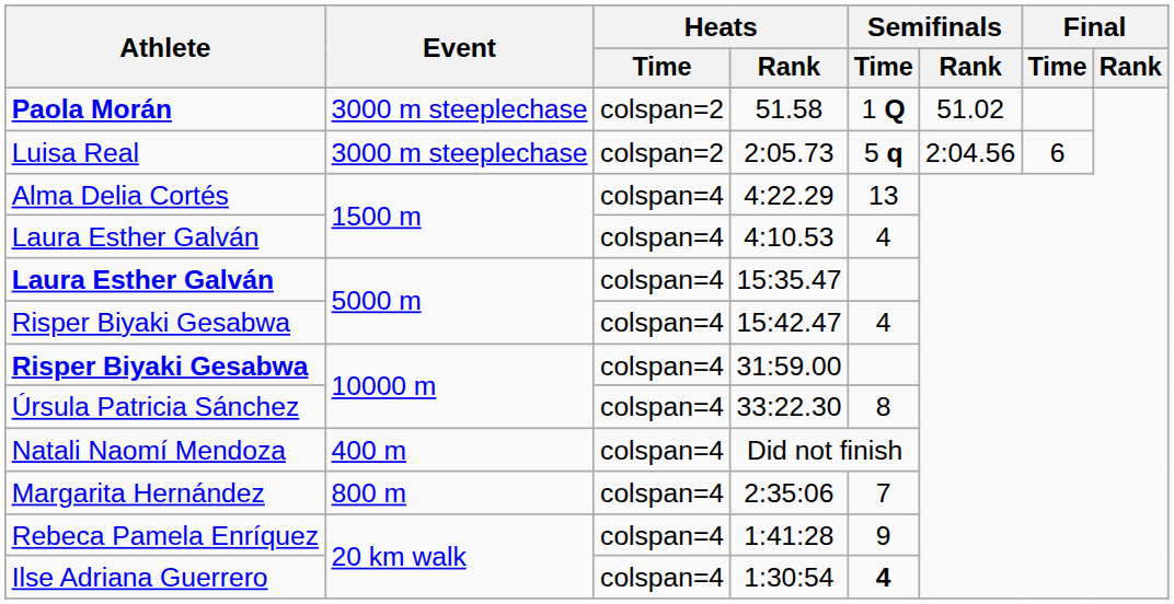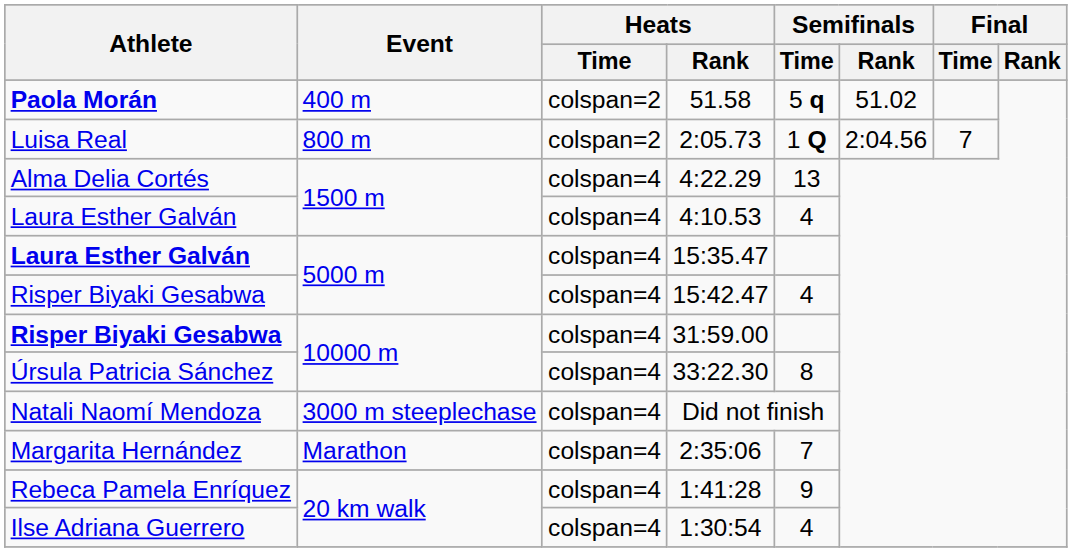 <table class=wikitable style="font-size:90%;">
 <tr>
 <th rowspan=2>Athlete</th>
 <th rowspan=2>Event</th>
 <th colspan=2>Heats</th>
 <th colspan=2>Semifinals</th>
 <th colspan=2>Final</th>
 </tr>
 <tr style="font-size:95%">
 <th>Time</th>
 <th>Rank</th>
 <th>Time</th>
 <th>Rank</th>
 <th>Time</th>
 <th>Rank</th>
 </tr>
 <tr align=center>
 <td align=left><strong><a href='#'>Paola Morán</a></strong></td>
-<td align=left><a href='#'>3000 m steeplechase</a></td>
+<td align=left><a href='#'>400 m</a></td>
 <td>colspan=2 </td>
 <td>51.58</td>
-<td>1 <strong>Q</strong></td>
+<td>5 <strong>q</strong></td>
 <td>51.02</td>
 <td></td>
 </tr>
 <tr align=center>
 <td align=left><a href='#'>Luisa Real</a></td>
-<td align=left><a href='#'>3000 m steeplechase</a></td>
+<td align=left><a href='#'>800 m</a></td>
 <td>colspan=2 </td>
 <td>2:05.73</td>
-<td>5 <strong>q</strong></td>
+<td>1 <strong>Q</strong></td>
 <td>2:04.56</td>
-<td>6</td>
+<td>7</td>
 </tr>
 <tr align=center>
 <td align=left><a href='#'>Alma Delia Cortés</a></td>
 <td align=left rowspan=2><a href='#'>1500 m</a></td>
 <td>colspan=4 </td>
 <td>4:22.29</td>
 <td>13</td>
 </tr>
 <tr align=center>
 <td align=left><a href='#'>Laura Esther Galván</a></td>
 <td>colspan=4 </td>
 <td>4:10.53</td>
 <td>4</td>
 </tr>
 <tr align=center>
 <td align=left><strong><a href='#'>Laura Esther Galván</a></strong></td>
 <td align=left rowspan=2><a href='#'>5000 m</a></td>
 <td>colspan=4 </td>
 <td>15:35.47</td>
 <td></td>
 </tr>
 <tr align=center>
 <td align=left><a href='#'>Risper Biyaki Gesabwa</a></td>
 <td>colspan=4 </td>
 <td>15:42.47</td>
 <td>4</td>
 </tr>
 <tr align=center>
 <td align=left><strong><a href='#'>Risper Biyaki Gesabwa</a></strong></td>
 <td align=left rowspan=2><a href='#'>10000 m</a></td>
 <td>colspan=4 </td>
 <td>31:59.00</td>
 <td></td>
 </tr>
 <tr align=center>
 <td align=left><a href='#'>Úrsula Patricia Sánchez</a></td>
 <td>colspan=4 </td>
 <td>33:22.30</td>
 <td>8</td>
 </tr>
 <tr align=center>
 <td align=left><a href='#'>Natali Naomí Mendoza</a></td>
-<td align=left><a href='#'>400 m</a></td>
+<td align=left><a href='#'>3000 m steeplechase</a></td>
 <td>colspan=4 </td>
 <td colspan=2>Did not finish</td>
 </tr>
 <tr align=center>
 <td align=left><a href='#'>Margarita Hernández</a></td>
-<td align=left><a href='#'>800 m</a></td>
+<td align=left><a href='#'>Marathon</a></td>
 <td>colspan=4 </td>
 <td>2:35:06</td>
 <td>7</td>
 </tr>
 <tr align=center>
 <td align=left><a href='#'>Rebeca Pamela Enríquez</a></td>
 <td align=left rowspan=2><a href='#'>20 km walk</a></td>
 <td>colspan=4 </td>
 <td>1:41:28</td>
 <td>9</td>
 </tr>
 <tr align=center>
 <td align=left><a href='#'>Ilse Adriana Guerrero</a></td>
 <td>colspan=4 </td>
 <td>1:30:54</td>
-<td><strong>4</strong></td>
+<td>4</td>
 </tr>
 </table>
